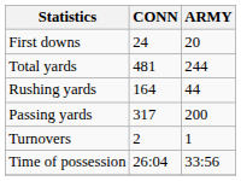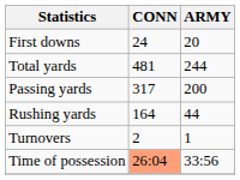 <table class="wikitable">
 <tr>
 <th>Statistics</th>
 <th>CONN</th>
 <th>ARMY</th>
 </tr>
 <tr>
 <td>First downs</td>
 <td>24</td>
 <td>20</td>
 </tr>
 <tr>
 <td>Total yards</td>
 <td>481</td>
 <td>244</td>
 </tr>
 <tr>
+<td>Passing yards</td>
+<td>317</td>
+<td>200</td>
+</tr>
+<tr>
 <td>Rushing yards</td>
 <td>164</td>
 <td>44</td>
-</tr>
-<tr>
-<td>Passing yards</td>
-<td>317</td>
-<td>200</td>
 </tr>
 <tr>
 <td>Turnovers</td>
 <td>2</td>
 <td>1</td>
 </tr>
 <tr>
 <td>Time of possession</td>
-<td>26:04</td>
+<td style="background: lightsalmon;">26:04</td>
 <td>33:56</td>
 </tr>
 <tr>
 </tr>
 </table>
